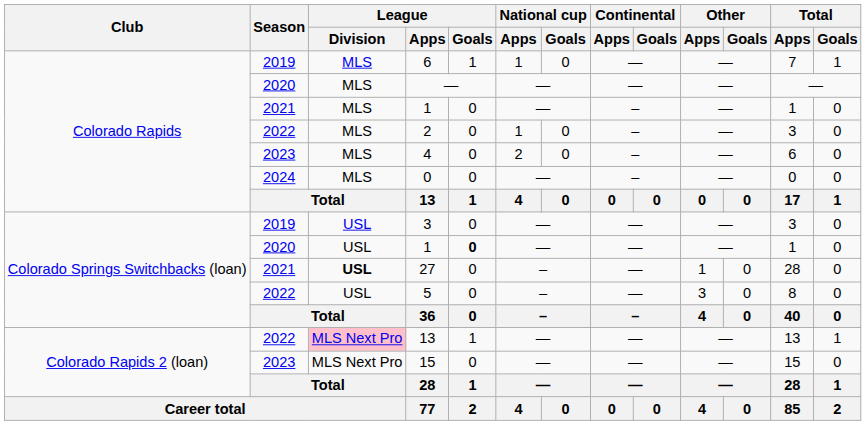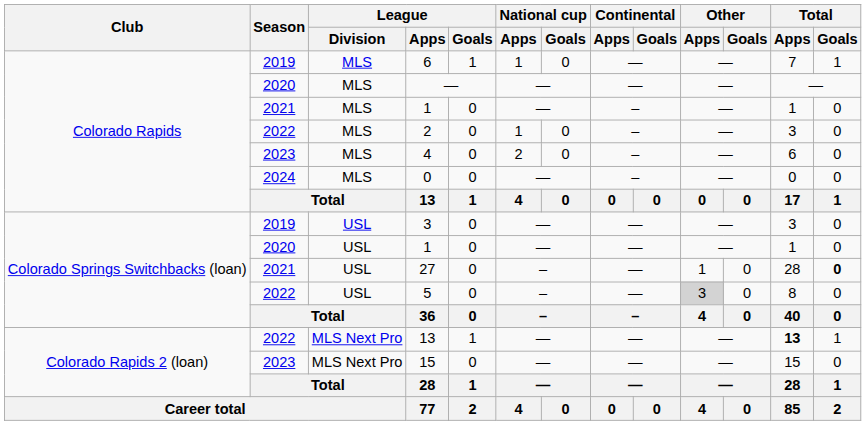 <table class="wikitable" style="text-align:center">
 <tr>
 <th rowspan="2">Club</th>
 <th rowspan="2">Season</th>
 <th colspan="3">League</th>
 <th colspan="2">National cup</th>
 <th colspan="2">Continental</th>
 <th colspan="2">Other</th>
 <th colspan="2">Total</th>
 </tr>
 <tr>
 <th>Division</th>
 <th>Apps</th>
 <th>Goals</th>
 <th>Apps</th>
 <th>Goals</th>
 <th>Apps</th>
 <th>Goals</th>
 <th>Apps</th>
 <th>Goals</th>
 <th>Apps</th>
 <th>Goals</th>
 </tr>
 <tr>
 <td rowspan="7"><a href='#'>Colorado Rapids</a></td>
 <td><a href='#'>2019</a></td>
 <td><a href='#'>MLS</a></td>
 <td>6</td>
 <td>1</td>
 <td>1</td>
 <td>0</td>
 <td colspan="2">—</td>
 <td colspan="2">—</td>
 <td>7</td>
 <td>1</td>
 </tr>
 <tr>
 <td><a href='#'>2020</a></td>
 <td>MLS</td>
 <td colspan="2">—</td>
 <td colspan="2">—</td>
 <td colspan="2">—</td>
 <td colspan="2">—</td>
 <td colspan="2">—</td>
 </tr>
 <tr>
 <td><a href='#'>2021</a></td>
 <td>MLS</td>
 <td>1</td>
 <td>0</td>
 <td colspan="2">—</td>
 <td colspan="2">–</td>
 <td colspan="2">—</td>
 <td>1</td>
 <td>0</td>
 </tr>
 <tr>
 <td><a href='#'>2022</a></td>
 <td>MLS</td>
 <td>2</td>
 <td>0</td>
 <td>1</td>
 <td>0</td>
 <td colspan="2">–</td>
 <td colspan="2">—</td>
 <td>3</td>
 <td>0</td>
 </tr>
 <tr>
 <td><a href='#'>2023</a></td>
 <td>MLS</td>
 <td>4</td>
 <td>0</td>
 <td>2</td>
 <td>0</td>
 <td colspan="2">–</td>
 <td colspan="2">—</td>
 <td>6</td>
 <td>0</td>
 </tr>
 <tr>
 <td><a href='#'>2024</a></td>
 <td>MLS</td>
 <td>0</td>
 <td>0</td>
 <td colspan="2">—</td>
 <td colspan="2">–</td>
 <td colspan="2">—</td>
 <td>0</td>
 <td>0</td>
 </tr>
 <tr>
 <th colspan="2">Total</th>
 <th>13</th>
 <th>1</th>
 <th>4</th>
 <th>0</th>
 <th>0</th>
 <th>0</th>
 <th>0</th>
 <th>0</th>
 <th>17</th>
 <th>1</th>
 </tr>
 <tr>
 <td rowspan="5"><a href='#'>Colorado Springs Switchbacks</a> (loan)</td>
 <td><a href='#'>2019</a></td>
 <td><a href='#'>USL</a></td>
 <td>3</td>
 <td>0</td>
 <td colspan="2">—</td>
 <td colspan="2">—</td>
 <td colspan="2">—</td>
 <td>3</td>
 <td>0</td>
 </tr>
 <tr>
 <td><a href='#'>2020</a></td>
 <td>USL</td>
 <td>1</td>
-<td><strong>0</strong></td>
+<td>0</td>
 <td colspan="2">—</td>
 <td colspan="2">—</td>
 <td colspan="2">—</td>
 <td>1</td>
 <td>0</td>
 </tr>
 <tr>
 <td><a href='#'>2021</a></td>
-<td><strong>USL</strong></td>
+<td>USL</td>
 <td>27</td>
 <td>0</td>
 <td colspan="2">–</td>
 <td colspan="2">—</td>
 <td>1</td>
 <td>0</td>
 <td>28</td>
-<td>0</td>
+<td><strong>0</strong></td>
 </tr>
 <tr>
 <td><a href='#'>2022</a></td>
 <td>USL</td>
 <td>5</td>
 <td>0</td>
 <td colspan="2">–</td>
 <td colspan="2">—</td>
-<td>3</td>
+<td style="background: lightgrey;">3</td>
 <td>0</td>
 <td>8</td>
 <td>0</td>
 </tr>
 <tr>
 <th colspan="2">Total</th>
 <th>36</th>
 <th>0</th>
 <th colspan="2">–</th>
 <th colspan="2">–</th>
 <th>4</th>
 <th>0</th>
 <th>40</th>
 <th>0</th>
 </tr>
 <tr>
 <td rowspan="3"><a href='#'>Colorado Rapids 2</a> (loan)</td>
 <td><a href='#'>2022</a></td>
-<td style="background: pink;"><a href='#'>MLS Next Pro</a></td>
+<td><a href='#'>MLS Next Pro</a></td>
 <td>13</td>
 <td>1</td>
 <td colspan="2">—</td>
 <td colspan="2">—</td>
 <td colspan="2">—</td>
-<td>13</td>
+<td><strong>13</strong></td>
 <td>1</td>
 </tr>
 <tr>
 <td><a href='#'>2023</a></td>
 <td>MLS Next Pro</td>
 <td>15</td>
 <td>0</td>
 <td colspan="2">—</td>
 <td colspan="2">—</td>
 <td colspan="2">—</td>
 <td>15</td>
 <td>0</td>
 </tr>
 <tr>
 <th colspan="2">Total</th>
 <th>28</th>
 <th>1</th>
 <th colspan="2">—</th>
 <th colspan="2">—</th>
 <th colspan="2">—</th>
 <th>28</th>
 <th>1</th>
 </tr>
 <tr>
 <th colspan="3">Career total</th>
 <th>77</th>
 <th>2</th>
 <th>4</th>
 <th>0</th>
 <th>0</th>
 <th>0</th>
 <th>4</th>
 <th>0</th>
 <th>85</th>
 <th>2</th>
 </tr>
 </table>
